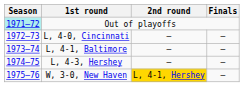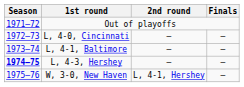 <table class="wikitable" style="text-align:center">
 <tr>
 <th>Season</th>
 <th>1st round</th>
 <th>2nd round</th>
 <th>Finals</th>
 </tr>
 <tr>
-<td style="background: paleturquoise;"><a href='#'>1971–72</a></td>
+<td><a href='#'>1971–72</a></td>
 <td colspan="3">Out of playoffs</td>
 </tr>
 <tr>
 <td><a href='#'>1972–73</a></td>
 <td>L, 4-0, <a href='#'>Cincinnati</a></td>
 <td>—</td>
 <td>—</td>
 </tr>
 <tr>
 <td><a href='#'>1973–74</a></td>
 <td>L, 4-1, <a href='#'>Baltimore</a></td>
 <td>—</td>
 <td>—</td>
 </tr>
 <tr>
-<td><a href='#'>1974–75</a></td>
+<td><strong><a href='#'>1974–75</a></strong></td>
 <td>L, 4-3, <a href='#'>Hershey</a></td>
 <td>—</td>
 <td>—</td>
 </tr>
 <tr>
 <td><a href='#'>1975–76</a></td>
 <td>W, 3-0, <a href='#'>New Haven</a></td>
-<td style="background: gold;">L, 4-1, <a href='#'>Hershey</a></td>
+<td>L, 4-1, <a href='#'>Hershey</a></td>
 <td>—</td>
 </tr>
 </table>
